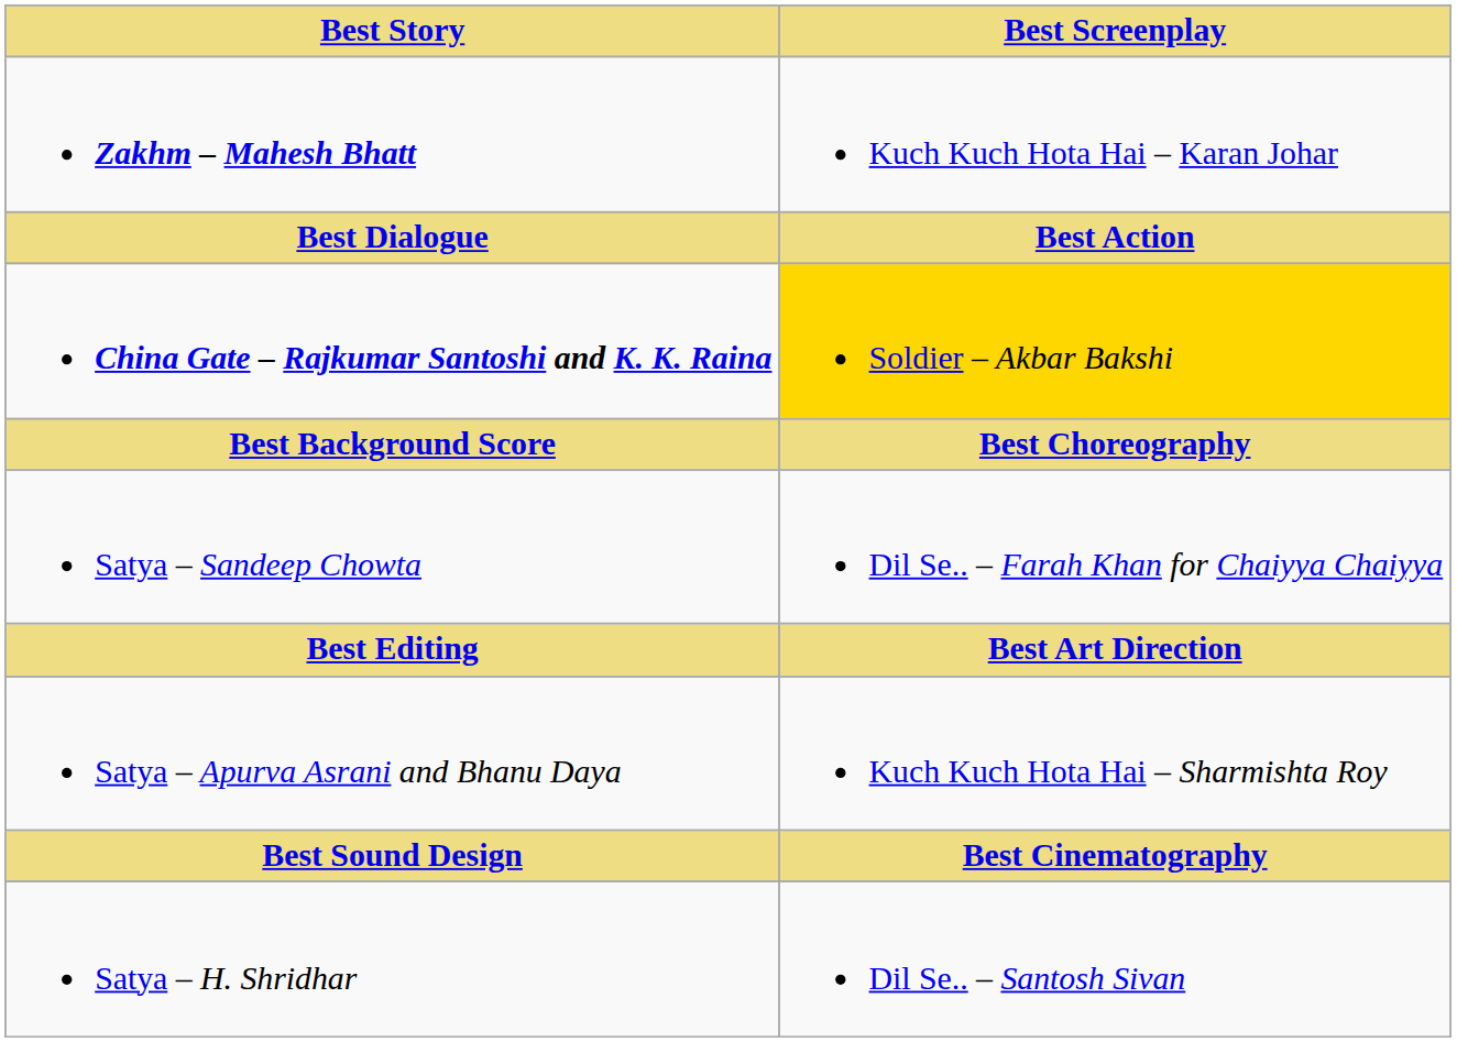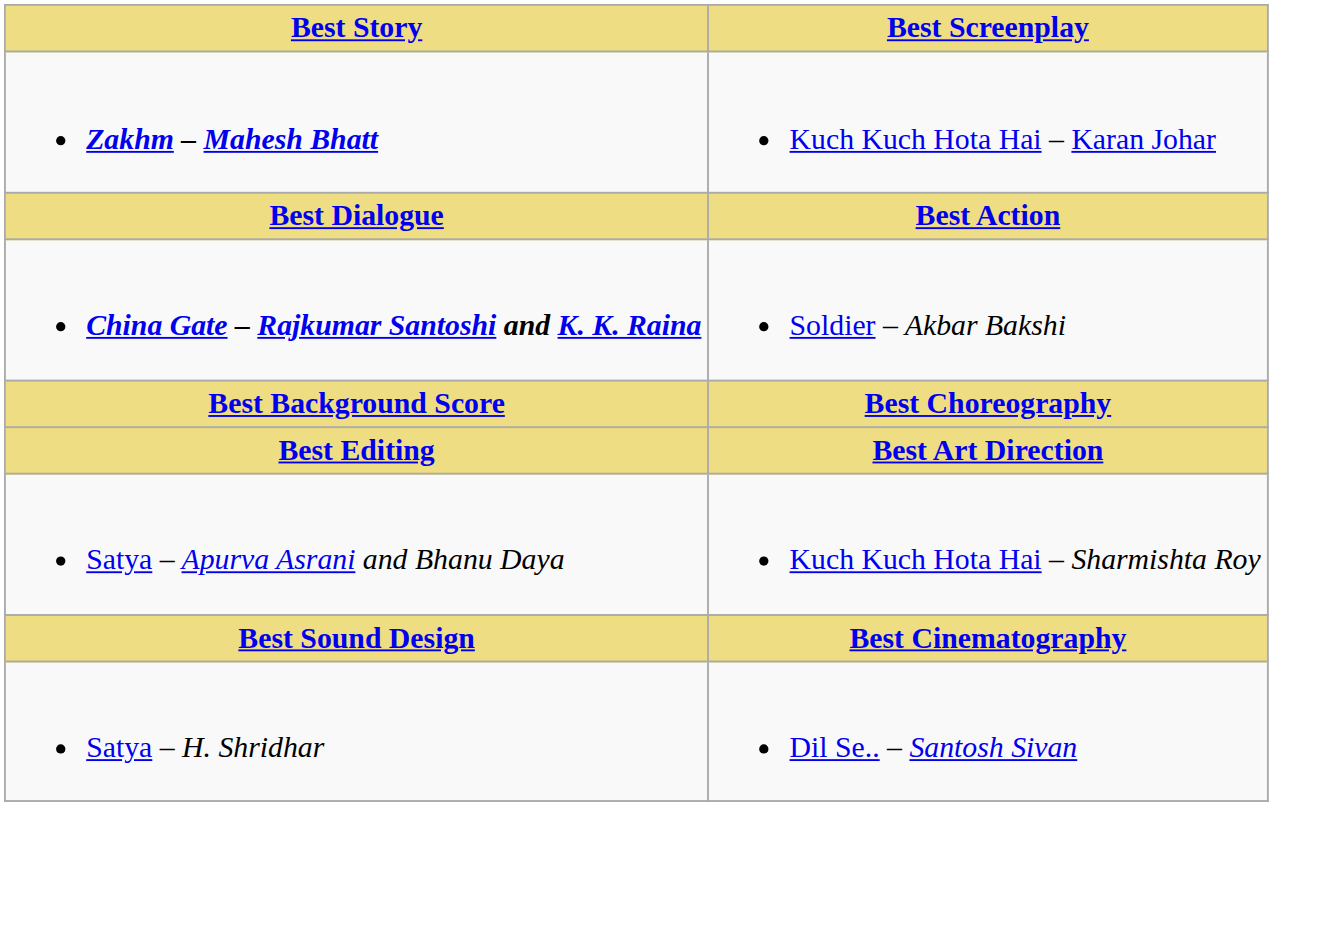 <table class="wikitable">
 <tr>
 <th ! style="background:#EEDD82;text-align:center;"><a href='#'>Best Story</a></th>
 <th ! style="background:#eedd82; text-align:center;"><a href='#'>Best Screenplay</a></th>
 </tr>
 <tr>
 <td valign="top"><br><ul><li><strong><em><a href='#'>Zakhm</a><em> – <a href='#'>Mahesh Bhatt</a><strong></li></ul></td>
 <td valign="top"><strong><br><ul><li></em></strong><a href='#'>Kuch Kuch Hota Hai</a></em> – <a href='#'>Karan Johar</a></strong></li></ul></strong></td>
 </tr>
 <tr>
 <th ! style="background:#EEDD82;text-align:center;"><a href='#'>Best Dialogue</a></th>
 <th ! style="background:#eedd82; text-align:center;"><a href='#'>Best Action</a></th>
 </tr>
 <tr>
 <td valign="top"><br><ul><li><strong><em><a href='#'>China Gate</a><em> – <a href='#'>Rajkumar Santoshi</a> and <a href='#'>K. K. Raina</a><strong></li></ul></td>
-<td valign="top" style="background: gold;"><br><ul><li></strong> </em><a href='#'>Soldier</a><em> – Akbar Bakshi<strong></li></ul></td>
+<td valign="top"><br><ul><li></strong> </em><a href='#'>Soldier</a><em> – Akbar Bakshi<strong></li></ul></td>
 </tr>
 <tr>
 <th ! style="background:#EEDD82;text-align:center;"><a href='#'>Best Background Score</a></th>
 <th ! style="background:#eedd82; text-align:center;"><a href='#'>Best Choreography</a></th>
-</tr>
-<tr>
-<td valign="top"><br><ul><li></strong> </em><a href='#'>Satya</a><em> – <a href='#'>Sandeep Chowta</a><strong></li></ul></td>
-<td valign="top"><br><ul><li></strong> </em><a href='#'>Dil Se..</a><em> – <a href='#'>Farah Khan</a> for <a href='#'>Chaiyya Chaiyya</a><strong></li></ul></td>
 </tr>
 <tr>
 <th ! style="background:#EEDD82;text-align:center;"><a href='#'>Best Editing</a></th>
 <th ! style="background:#eedd82; text-align:center;"><a href='#'>Best Art Direction</a></th>
 </tr>
 <tr>
 <td valign="top"><br><ul><li></strong> </em><a href='#'>Satya</a><em> – <a href='#'>Apurva Asrani</a> and Bhanu Daya <strong></li></ul></td>
 <td valign="top"><br><ul><li></strong> </em><a href='#'>Kuch Kuch Hota Hai</a><em> – Sharmishta Roy <strong></li></ul></td>
 </tr>
 <tr>
 <th ! style="background:#EEDD82;text-align:center;"><a href='#'>Best Sound Design</a></th>
 <th ! style="background:#eedd82; text-align:center;"><a href='#'>Best Cinematography</a></th>
 </tr>
 <tr>
 <td valign="top"><br><ul><li></strong> </em><a href='#'>Satya</a><em> – H. Shridhar <strong></li></ul></td>
 <td valign="top"><br><ul><li></strong> </em><a href='#'>Dil Se..</a><em> – <a href='#'>Santosh Sivan</a> <strong></li></ul></td>
 </tr>
 </table>
